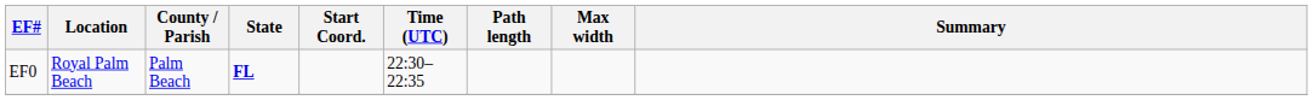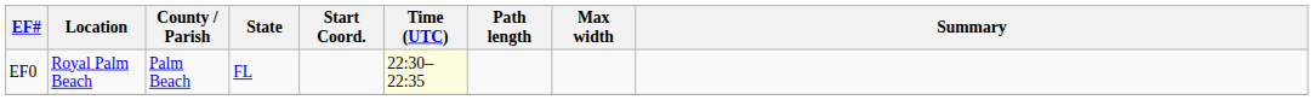 <table class="wikitable sortable" style="width:100%;">
 <tr>
 <th scope="col"  style="width:3%; text-align:center;"><a href='#'>EF#</a></th>
 <th scope="col"  style="width:7%; text-align:center;" class="unsortable">Location</th>
 <th scope="col"  style="width:6%; text-align:center;" class="unsortable">County / Parish</th>
 <th scope="col"  style="width:5%; text-align:center;">State</th>
 <th scope="col"  style="width:6%; text-align:center;">Start Coord.</th>
 <th scope="col"  style="width:6%; text-align:center;">Time (<a href='#'>UTC</a>)</th>
 <th scope="col"  style="width:6%; text-align:center;">Path length</th>
 <th scope="col"  style="width:6%; text-align:center;">Max width</th>
 <th scope="col" class="unsortable" style="width:48%; text-align:center;">Summary</th>
 </tr>
 <tr>
 <td>EF0</td>
 <td><a href='#'>Royal Palm Beach</a></td>
 <td><a href='#'>Palm Beach</a></td>
-<td><strong><a href='#'>FL</a></strong></td>
+<td><a href='#'>FL</a></td>
 <td></td>
-<td>22:30–22:35</td>
+<td style="background: lightyellow;">22:30–22:35</td>
 <td></td>
 <td></td>
 <td></td>
 </tr>
 <tr>
 </tr>
 </table>
